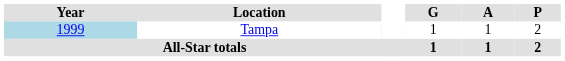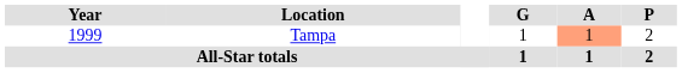 <table border="0" cellpadding="1" cellspacing="0" style="text-align:center; width:40em">
 <tr ALIGN="center" bgcolor="#e0e0e0">
 <th>Year</th>
 <th>Location</th>
 <th rowspan="99" bgcolor="#ffffff"> </th>
 <th>G</th>
 <th>A</th>
 <th>P</th>
 </tr>
 <tr ALIGN="center">
-<td style="background: lightblue;"><a href='#'>1999</a></td>
+<td><a href='#'>1999</a></td>
 <td><a href='#'>Tampa</a></td>
 <td>1</td>
-<td>1</td>
+<td style="background: lightsalmon;">1</td>
 <td>2</td>
 </tr>
 <tr ALIGN="center" bgcolor="#e0e0e0">
 <th colspan=3>All-Star totals</th>
 <th>1</th>
 <th>1</th>
 <th>2</th>
 </tr>
 </table>
